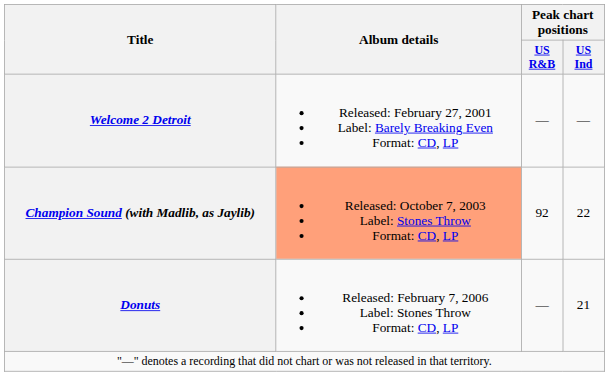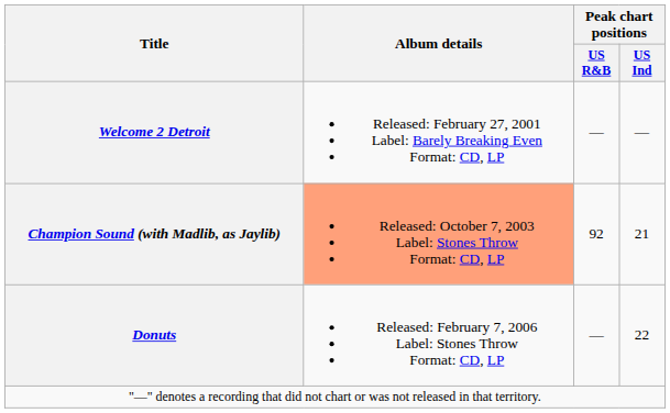 <table class="wikitable plainrowheaders" style="text-align:center;">
 <tr>
 <th rowspan="2" scope="col" style="width:20em;">Title</th>
 <th rowspan="2" scope="col" style="width:18em;">Album details</th>
 <th colspan="3" scope="col">Peak chart positions</th>
 </tr>
 <tr>
 <th scope="col" style="width:3em;font-size:90%;"><a href='#'>US<br> R&B</a><br></th>
 <th scope="col" style="width:3em;font-size:90%;"><a href='#'>US<br> Ind</a><br></th>
 </tr>
 <tr>
 <th scope="row"><em><a href='#'>Welcome 2 Detroit</a></em></th>
 <td><br><ul><li>Released: February 27, 2001</li><li>Label: <a href='#'>Barely Breaking Even</a></li><li>Format: <a href='#'>CD</a>, <a href='#'>LP</a></li></ul></td>
 <td>—</td>
 <td>—</td>
 </tr>
 <tr>
 <th scope="row"><em><a href='#'>Champion Sound</a> (with Madlib, as Jaylib)</em></th>
 <td style="background: lightsalmon;"><br><ul><li>Released: October 7, 2003</li><li>Label: <a href='#'>Stones Throw</a></li><li>Format: <a href='#'>CD</a>, <a href='#'>LP</a></li></ul></td>
 <td>92</td>
-<td>22</td>
+<td>21</td>
 </tr>
 <tr>
 <th scope="row"><em><a href='#'>Donuts</a></em></th>
 <td><br><ul><li>Released: February 7, 2006</li><li>Label: Stones Throw</li><li>Format: <a href='#'>CD</a>, <a href='#'>LP</a></li></ul></td>
 <td>—</td>
-<td>21</td>
+<td>22</td>
 </tr>
 <tr>
 <td colspan="13" style="font-size:90%">"—" denotes a recording that did not chart or was not released in that territory.</td>
 </tr>
 </table>
